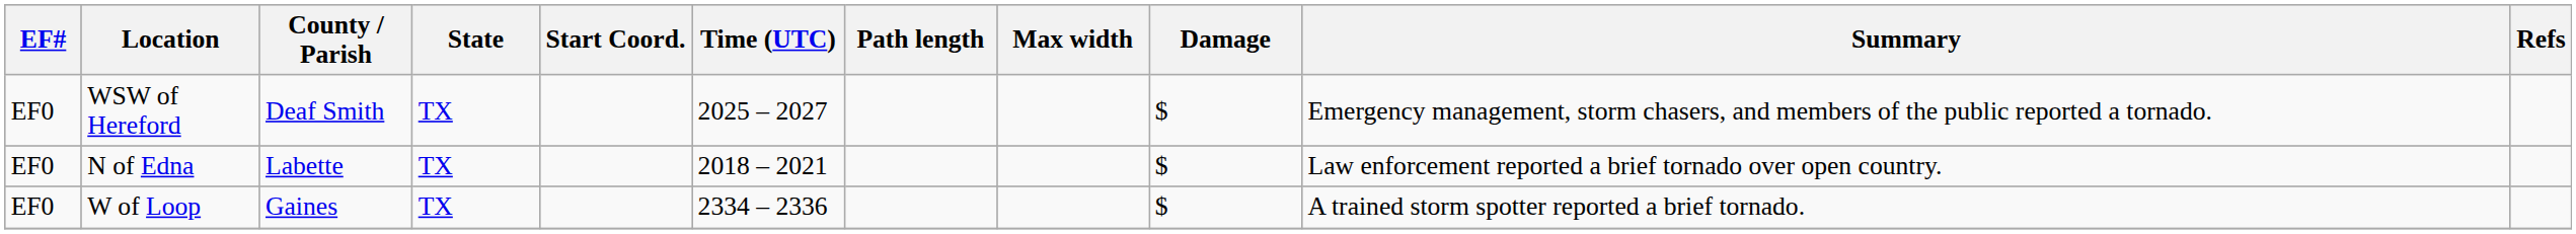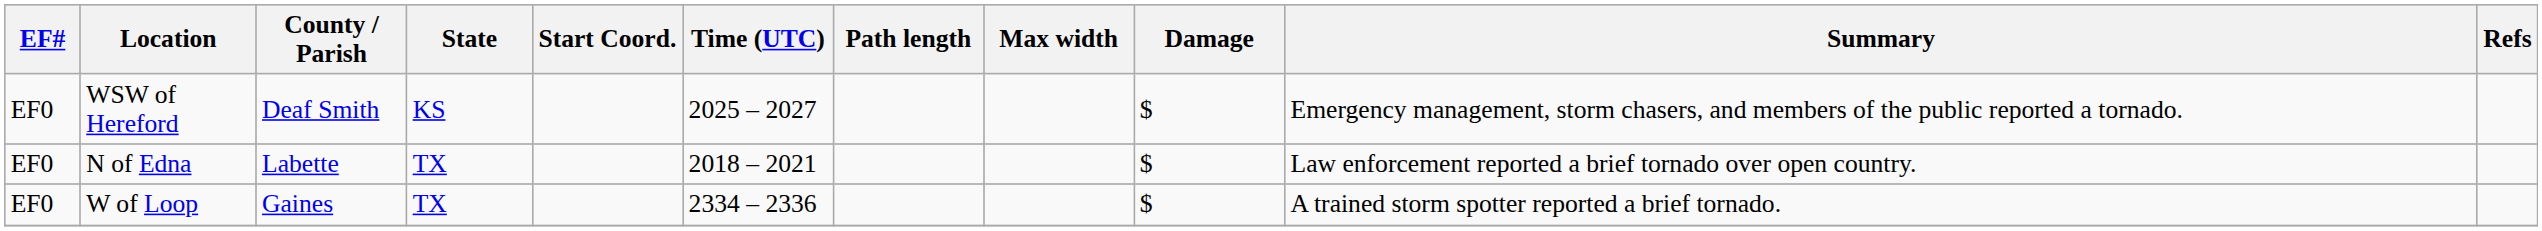 <table class="wikitable sortable" style="width:100%;">
 <tr>
 <th scope="col" width="3%" align="center"><a href='#'>EF#</a></th>
 <th scope="col" width="7%" align="center" class="unsortable">Location</th>
 <th scope="col" width="6%" align="center" class="unsortable">County / Parish</th>
 <th scope="col" width="5%" align="center">State</th>
 <th scope="col" width="6%" align="center">Start Coord.</th>
 <th scope="col" width="6%" align="center">Time (<a href='#'>UTC</a>)</th>
 <th scope="col" width="6%" align="center">Path length</th>
 <th scope="col" width="6%" align="center">Max width</th>
 <th scope="col" width="6%" align="center">Damage</th>
 <th scope="col" width="48%" class="unsortable" align="center">Summary</th>
 <th scope="col" width="48%" class="unsortable" align="center">Refs</th>
 </tr>
 <tr>
 <td>EF0</td>
 <td>WSW of <a href='#'>Hereford</a></td>
 <td><a href='#'>Deaf Smith</a></td>
-<td><a href='#'>TX</a></td>
+<td><a href='#'>KS</a></td>
 <td></td>
 <td>2025 – 2027</td>
 <td></td>
 <td></td>
 <td>$</td>
 <td>Emergency management, storm chasers, and members of the public reported a tornado.</td>
 <td></td>
 </tr>
 <tr>
 <td>EF0</td>
 <td>N of <a href='#'>Edna</a></td>
 <td><a href='#'>Labette</a></td>
 <td><a href='#'>TX</a></td>
 <td></td>
 <td>2018 – 2021</td>
 <td></td>
 <td></td>
 <td>$</td>
 <td>Law enforcement reported a brief tornado over open country.</td>
 <td></td>
 </tr>
 <tr>
 <td>EF0</td>
 <td>W of <a href='#'>Loop</a></td>
 <td><a href='#'>Gaines</a></td>
 <td><a href='#'>TX</a></td>
 <td></td>
 <td>2334 – 2336</td>
 <td></td>
 <td></td>
 <td>$</td>
 <td>A trained storm spotter reported a brief tornado.</td>
 <td></td>
 </tr>
 <tr>
 </tr>
 </table>
